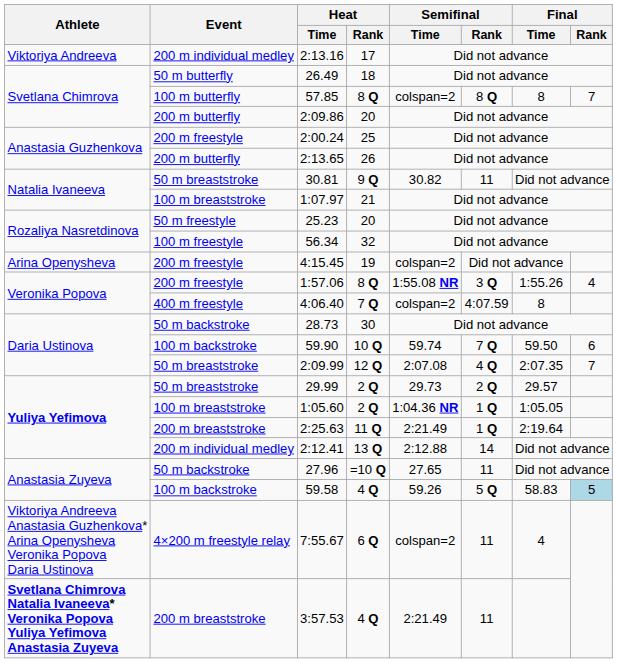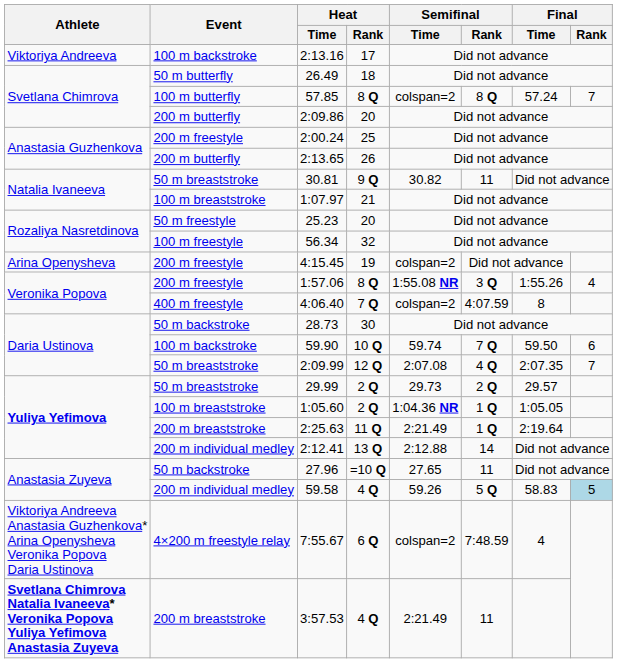 <table class=wikitable style="font-size:90%">
 <tr>
 <th rowspan="2">Athlete</th>
 <th rowspan="2">Event</th>
 <th colspan="2">Heat</th>
 <th colspan="2">Semifinal</th>
 <th colspan="2">Final</th>
 </tr>
 <tr style="font-size:95%">
 <th>Time</th>
 <th>Rank</th>
 <th>Time</th>
 <th>Rank</th>
 <th>Time</th>
 <th>Rank</th>
 </tr>
 <tr align=center>
 <td align=left><a href='#'>Viktoriya Andreeva</a></td>
-<td align=left><a href='#'>200 m individual medley</a></td>
+<td align=left><a href='#'>100 m backstroke</a></td>
 <td>2:13.16</td>
 <td>17</td>
 <td colspan=4>Did not advance</td>
 </tr>
 <tr align=center>
 <td align=left rowspan=3><a href='#'>Svetlana Chimrova</a></td>
 <td align=left><a href='#'>50 m butterfly</a></td>
 <td>26.49</td>
 <td>18</td>
 <td colspan=4>Did not advance</td>
 </tr>
 <tr align=center>
 <td align=left><a href='#'>100 m butterfly</a></td>
 <td>57.85</td>
 <td>8 <strong>Q</strong></td>
 <td>colspan=2 </td>
 <td>8 <strong>Q</strong></td>
-<td>8</td>
+<td>57.24</td>
 <td>7</td>
 </tr>
 <tr align=center>
 <td align=left><a href='#'>200 m butterfly</a></td>
 <td>2:09.86</td>
 <td>20</td>
 <td colspan=4>Did not advance</td>
 </tr>
 <tr align=center>
 <td align=left rowspan=2><a href='#'>Anastasia Guzhenkova</a></td>
 <td align=left><a href='#'>200 m freestyle</a></td>
 <td>2:00.24</td>
 <td>25</td>
 <td colspan=4>Did not advance</td>
 </tr>
 <tr align=center>
 <td align=left><a href='#'>200 m butterfly</a></td>
 <td>2:13.65</td>
 <td>26</td>
 <td colspan=4>Did not advance</td>
 </tr>
 <tr align=center>
 <td align=left rowspan=2><a href='#'>Natalia Ivaneeva</a></td>
 <td align=left><a href='#'>50 m breaststroke</a></td>
 <td>30.81</td>
 <td>9 <strong>Q</strong></td>
 <td>30.82</td>
 <td>11</td>
 <td colspan=2>Did not advance</td>
 </tr>
 <tr align=center>
 <td align=left><a href='#'>100 m breaststroke</a></td>
 <td>1:07.97</td>
 <td>21</td>
 <td colspan=4>Did not advance</td>
 </tr>
 <tr align=center>
 <td align=left rowspan=2><a href='#'>Rozaliya Nasretdinova</a></td>
 <td align=left><a href='#'>50 m freestyle</a></td>
 <td>25.23</td>
 <td>20</td>
 <td colspan=4>Did not advance</td>
 </tr>
 <tr align=center>
 <td align=left><a href='#'>100 m freestyle</a></td>
 <td>56.34</td>
 <td>32</td>
 <td colspan=4>Did not advance</td>
 </tr>
 <tr align=center>
 <td align=left><a href='#'>Arina Openysheva</a></td>
 <td align=left><a href='#'>200 m freestyle</a></td>
 <td>4:15.45</td>
 <td>19</td>
 <td>colspan=2 </td>
 <td colspan=2>Did not advance</td>
 </tr>
 <tr align=center>
 <td align=left rowspan=2><a href='#'>Veronika Popova</a></td>
 <td align=left><a href='#'>200 m freestyle</a></td>
 <td>1:57.06</td>
 <td>8 <strong>Q</strong></td>
 <td>1:55.08 <strong><a href='#'>NR</a></strong></td>
 <td>3 <strong>Q</strong></td>
 <td>1:55.26</td>
 <td>4</td>
 </tr>
 <tr align=center>
 <td align=left><a href='#'>400 m freestyle</a></td>
 <td>4:06.40</td>
 <td>7 <strong>Q</strong></td>
 <td>colspan=2 </td>
 <td>4:07.59</td>
 <td>8</td>
 </tr>
 <tr align=center>
 <td align=left rowspan=3><a href='#'>Daria Ustinova</a></td>
 <td align=left><a href='#'>50 m backstroke</a></td>
 <td>28.73</td>
 <td>30</td>
 <td colspan=4>Did not advance</td>
 </tr>
 <tr align=center>
 <td align=left><a href='#'>100 m backstroke</a></td>
 <td>59.90</td>
 <td>10 <strong>Q</strong></td>
 <td>59.74</td>
 <td>7 <strong>Q</strong></td>
 <td>59.50</td>
 <td>6</td>
 </tr>
 <tr align=center>
 <td align=left><a href='#'>50 m breaststroke</a></td>
 <td>2:09.99</td>
 <td>12 <strong>Q</strong></td>
 <td>2:07.08</td>
 <td>4 <strong>Q</strong></td>
 <td>2:07.35</td>
 <td>7</td>
 </tr>
 <tr align=center>
 <td align=left rowspan=4><strong><a href='#'>Yuliya Yefimova</a></strong></td>
 <td align=left><a href='#'>50 m breaststroke</a></td>
 <td>29.99</td>
 <td>2 <strong>Q</strong></td>
 <td>29.73</td>
 <td>2 <strong>Q</strong></td>
 <td>29.57</td>
 <td></td>
 </tr>
 <tr align=center>
 <td align=left><a href='#'>100 m breaststroke</a></td>
 <td>1:05.60</td>
 <td>2 <strong>Q</strong></td>
 <td>1:04.36 <strong><a href='#'>NR</a></strong></td>
 <td>1 <strong>Q</strong></td>
 <td>1:05.05</td>
 <td></td>
 </tr>
 <tr align=center>
 <td align=left><a href='#'>200 m breaststroke</a></td>
 <td>2:25.63</td>
 <td>11 <strong>Q</strong></td>
 <td>2:21.49</td>
 <td>1 <strong>Q</strong></td>
 <td>2:19.64</td>
 <td></td>
 </tr>
 <tr align=center>
 <td align=left><a href='#'>200 m individual medley</a></td>
 <td>2:12.41</td>
 <td>13 <strong>Q</strong></td>
 <td>2:12.88</td>
 <td>14</td>
 <td colspan=2>Did not advance</td>
 </tr>
 <tr align=center>
 <td align=left rowspan=2><a href='#'>Anastasia Zuyeva</a></td>
 <td align=left><a href='#'>50 m backstroke</a></td>
 <td>27.96</td>
 <td>=10 <strong>Q</strong></td>
 <td>27.65</td>
 <td>11</td>
 <td colspan=2>Did not advance</td>
 </tr>
 <tr align=center>
-<td align=left><a href='#'>100 m backstroke</a></td>
+<td align=left><a href='#'>200 m individual medley</a></td>
 <td>59.58</td>
 <td>4 <strong>Q</strong></td>
 <td>59.26</td>
 <td>5 <strong>Q</strong></td>
 <td>58.83</td>
 <td style="background: lightblue;">5</td>
 </tr>
 <tr align=center>
 <td align=left><a href='#'>Viktoriya Andreeva</a><br><a href='#'>Anastasia Guzhenkova</a>*<br><a href='#'>Arina Openysheva</a><br><a href='#'>Veronika Popova</a><br><a href='#'>Daria Ustinova</a></td>
 <td align=left><a href='#'>4×200 m freestyle relay</a></td>
 <td>7:55.67</td>
 <td>6 <strong>Q</strong></td>
 <td>colspan=2 </td>
-<td>11</td>
+<td>7:48.59</td>
 <td>4</td>
 </tr>
 <tr align=center>
 <td align=left><strong><a href='#'>Svetlana Chimrova</a><br><a href='#'>Natalia Ivaneeva</a>*<br><a href='#'>Veronika Popova</a><br><a href='#'>Yuliya Yefimova</a><br><a href='#'>Anastasia Zuyeva</a></strong></td>
 <td align=left><a href='#'>200 m breaststroke</a></td>
 <td>3:57.53</td>
 <td>4 <strong>Q</strong></td>
 <td>2:21.49</td>
 <td>11</td>
 <td></td>
 </tr>
 </table>
